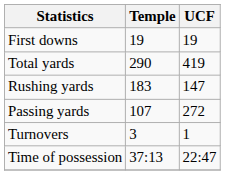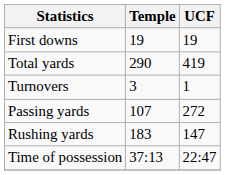 <table class="wikitable">
 <tr>
 <th>Statistics</th>
 <th>Temple</th>
 <th>UCF</th>
 </tr>
 <tr>
 <td>First downs</td>
 <td>19</td>
 <td>19</td>
 </tr>
 <tr>
 <td>Total yards</td>
 <td>290</td>
 <td>419</td>
 </tr>
 <tr>
-<td>Rushing yards</td>
-<td>183</td>
-<td>147</td>
+<td>Turnovers</td>
+<td>3</td>
+<td>1</td>
 </tr>
 <tr>
 <td>Passing yards</td>
 <td>107</td>
 <td>272</td>
 </tr>
 <tr>
-<td>Turnovers</td>
-<td>3</td>
-<td>1</td>
+<td>Rushing yards</td>
+<td>183</td>
+<td>147</td>
 </tr>
 <tr>
 <td>Time of possession</td>
 <td>37:13</td>
 <td>22:47</td>
 </tr>
 <tr>
 </tr>
 </table>
